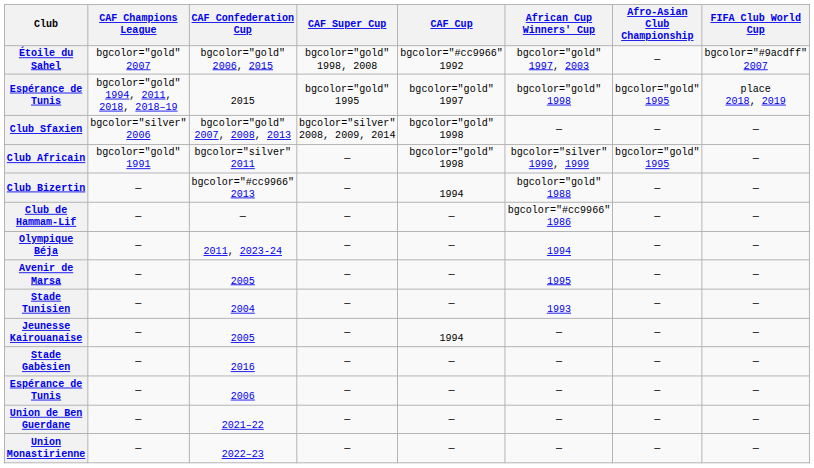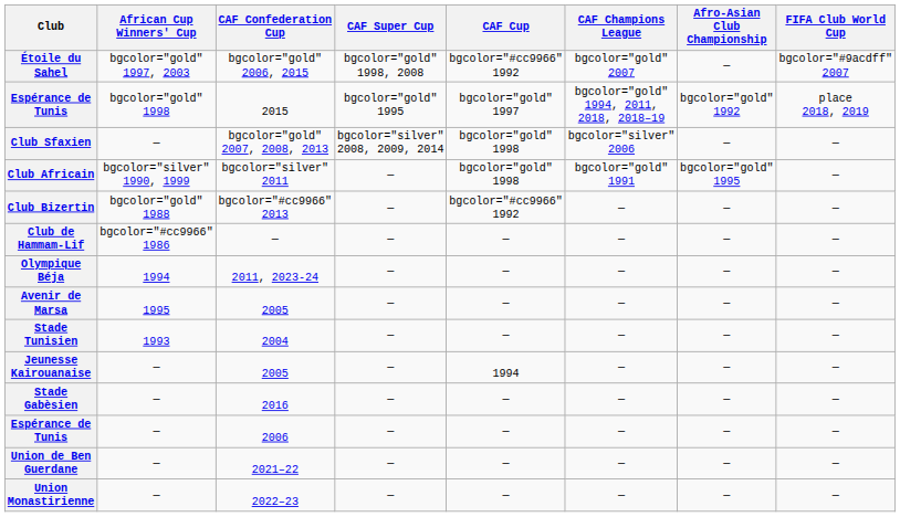 <table class="wikitable sortable" style="font-size:90%; text-align:center; width:100%">
 <tr>
 <th>Club</th>
-<th style="width:12%;"><a href='#'>CAF Champions League</a></th>
+<th style="width:12%;"><a href='#'>African Cup Winners' Cup</a></th>
 <th style="width:12%;"><a href='#'>CAF Confederation Cup</a></th>
 <th style="width:12%;"><a href='#'>CAF Super Cup</a></th>
 <th style="width:12%;"><a href='#'>CAF Cup</a></th>
-<th style="width:12%;"><a href='#'>African Cup Winners' Cup</a></th>
+<th style="width:12%;"><a href='#'>CAF Champions League</a></th>
 <th style="width:12%;"><a href='#'>Afro-Asian Club Championship</a></th>
 <th style="width:12%;"><a href='#'>FIFA Club World Cup</a></th>
 </tr>
 <tr>
 <th><a href='#'>Étoile du Sahel</a></th>
-<td>bgcolor="gold" <br><a href='#'>2007</a></td>
+<td>bgcolor="gold" <br><a href='#'>1997</a>, <a href='#'>2003</a></td>
 <td>bgcolor="gold" <br><a href='#'>2006</a>, <a href='#'>2015</a></td>
 <td>bgcolor="gold" <br>1998, 2008</td>
 <td>bgcolor="#cc9966" <br>1992</td>
-<td>bgcolor="gold" <br><a href='#'>1997</a>, <a href='#'>2003</a></td>
+<td>bgcolor="gold" <br><a href='#'>2007</a></td>
 <td>—</td>
 <td>bgcolor="#9acdff" <br><a href='#'>2007</a></td>
 </tr>
 <tr>
 <th><a href='#'>Espérance de Tunis</a></th>
-<td>bgcolor="gold" <br><a href='#'>1994</a>, <a href='#'>2011</a>, <a href='#'>2018</a>, <a href='#'>2018–19</a></td>
+<td>bgcolor="gold" <br><a href='#'>1998</a></td>
 <td><br>2015</td>
 <td>bgcolor="gold" <br>1995</td>
 <td>bgcolor="gold" <br>1997</td>
-<td>bgcolor="gold" <br><a href='#'>1998</a></td>
-<td>bgcolor="gold" <br><a href='#'>1995</a></td>
+<td>bgcolor="gold" <br><a href='#'>1994</a>, <a href='#'>2011</a>, <a href='#'>2018</a>, <a href='#'>2018–19</a></td>
+<td>bgcolor="gold" <br><a href='#'>1992</a></td>
 <td> place<br><a href='#'>2018</a>, <a href='#'>2019</a></td>
 </tr>
 <tr>
 <th><a href='#'>Club Sfaxien</a></th>
-<td>bgcolor="silver" <br><a href='#'>2006</a></td>
+<td>—</td>
 <td>bgcolor="gold" <br><a href='#'>2007</a>, <a href='#'>2008</a>, <a href='#'>2013</a></td>
 <td>bgcolor="silver" <br>2008, 2009, 2014</td>
 <td>bgcolor="gold" <br>1998</td>
+<td>bgcolor="silver" <br><a href='#'>2006</a></td>
+<td>—</td>
+<td>—</td>
+</tr>
+<tr>
+<th><a href='#'>Club Africain</a></th>
+<td>bgcolor="silver" <br><a href='#'>1990</a>, <a href='#'>1999</a></td>
+<td>bgcolor="silver" <br><a href='#'>2011</a></td>
+<td>—</td>
+<td>bgcolor="gold" <br>1998</td>
+<td>bgcolor="gold" <br><a href='#'>1991</a></td>
+<td>bgcolor="gold" <br><a href='#'>1995</a></td>
+<td>—</td>
+</tr>
+<tr>
+<th><a href='#'>Club Bizertin</a></th>
+<td>bgcolor="gold" <br><a href='#'>1988</a></td>
+<td>bgcolor="#cc9966" <br><a href='#'>2013</a></td>
+<td>—</td>
+<td>bgcolor="#cc9966" <br>1992</td>
 <td>—</td>
 <td>—</td>
 <td>—</td>
 </tr>
 <tr>
-<th><a href='#'>Club Africain</a></th>
-<td>bgcolor="gold" <br><a href='#'>1991</a></td>
-<td>bgcolor="silver" <br><a href='#'>2011</a></td>
-<td>—</td>
-<td>bgcolor="gold" <br>1998</td>
-<td>bgcolor="silver" <br><a href='#'>1990</a>, <a href='#'>1999</a></td>
-<td>bgcolor="gold" <br><a href='#'>1995</a></td>
-<td>—</td>
-</tr>
-<tr>
-<th><a href='#'>Club Bizertin</a></th>
-<td>—</td>
-<td>bgcolor="#cc9966" <br><a href='#'>2013</a></td>
-<td>—</td>
-<td><br>1994</td>
-<td>bgcolor="gold" <br><a href='#'>1988</a></td>
-<td>—</td>
-<td>—</td>
-</tr>
-<tr>
 <th><a href='#'>Club de Hammam-Lif</a></th>
+<td>bgcolor="#cc9966" <br><a href='#'>1986</a></td>
 <td>—</td>
 <td>—</td>
 <td>—</td>
 <td>—</td>
-<td>bgcolor="#cc9966" <br><a href='#'>1986</a></td>
 <td>—</td>
 <td>—</td>
 </tr>
 <tr>
 <th><a href='#'>Olympique Béja</a></th>
-<td>—</td>
+<td><br><a href='#'>1994</a></td>
 <td><br><a href='#'>2011</a>, <a href='#'>2023-24</a></td>
 <td>—</td>
 <td>—</td>
-<td><br><a href='#'>1994</a></td>
+<td>—</td>
 <td>—</td>
 <td>—</td>
 </tr>
 <tr>
 <th><a href='#'>Avenir de Marsa</a></th>
-<td>—</td>
+<td><br><a href='#'>1995</a></td>
 <td><br><a href='#'>2005</a></td>
 <td>—</td>
 <td>—</td>
-<td><br><a href='#'>1995</a></td>
+<td>—</td>
 <td>—</td>
 <td>—</td>
 </tr>
 <tr>
 <th><a href='#'>Stade Tunisien</a></th>
-<td>—</td>
+<td><br><a href='#'>1993</a></td>
 <td><br><a href='#'>2004</a></td>
 <td>—</td>
 <td>—</td>
-<td><br><a href='#'>1993</a></td>
+<td>—</td>
 <td>—</td>
 <td>—</td>
 </tr>
 <tr>
 <th><a href='#'>Jeunesse Kairouanaise</a></th>
 <td>—</td>
 <td><br><a href='#'>2005</a></td>
 <td>—</td>
 <td><br>1994</td>
 <td>—</td>
 <td>—</td>
 <td>—</td>
 </tr>
 <tr>
 <th><a href='#'>Stade Gabèsien</a></th>
 <td>—</td>
 <td><br><a href='#'>2016</a></td>
 <td>—</td>
 <td>—</td>
 <td>—</td>
 <td>—</td>
 <td>—</td>
 </tr>
 <tr>
 <th><a href='#'>Espérance de Tunis</a></th>
 <td>—</td>
 <td><br><a href='#'>2006</a></td>
 <td>—</td>
 <td>—</td>
 <td>—</td>
 <td>—</td>
 <td>—</td>
 </tr>
 <tr>
 <th><a href='#'>Union de Ben Guerdane</a></th>
 <td>—</td>
 <td><br><a href='#'>2021–22</a></td>
 <td>—</td>
 <td>—</td>
 <td>—</td>
 <td>—</td>
 <td>—</td>
 </tr>
 <tr>
 <th><a href='#'>Union Monastirienne</a></th>
 <td>—</td>
 <td><br><a href='#'>2022–23</a></td>
 <td>—</td>
 <td>—</td>
 <td>—</td>
 <td>—</td>
 <td>—</td>
 </tr>
 </table>
